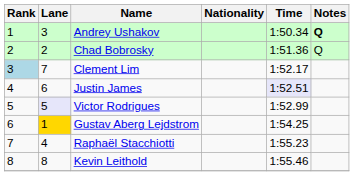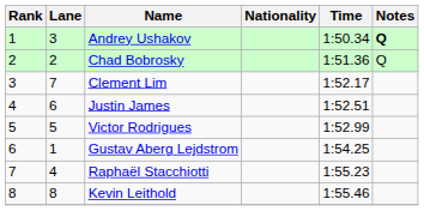 <table class="wikitable">
 <tr>
 <th>Rank</th>
 <th>Lane</th>
 <th>Name</th>
 <th>Nationality</th>
 <th>Time</th>
 <th>Notes</th>
 </tr>
 <tr bgcolor=ccffcc>
 <td>1</td>
 <td>3</td>
 <td><a href='#'>Andrey Ushakov</a></td>
 <td></td>
 <td>1:50.34</td>
 <td><strong>Q</strong></td>
 </tr>
 <tr bgcolor=ccffcc>
 <td>2</td>
 <td>2</td>
 <td><a href='#'>Chad Bobrosky</a></td>
 <td></td>
 <td>1:51.36</td>
 <td>Q</td>
 </tr>
 <tr>
-<td style="background: lightblue;">3</td>
+<td>3</td>
 <td>7</td>
 <td><a href='#'>Clement Lim</a></td>
 <td></td>
 <td>1:52.17</td>
 <td></td>
 </tr>
 <tr>
 <td>4</td>
 <td>6</td>
 <td><a href='#'>Justin James</a></td>
 <td></td>
-<td style="background: lavender;">1:52.51</td>
+<td>1:52.51</td>
 <td></td>
 </tr>
 <tr>
 <td>5</td>
-<td style="background: lavender;">5</td>
+<td>5</td>
 <td><a href='#'>Victor Rodrigues</a></td>
 <td></td>
 <td>1:52.99</td>
 <td></td>
 </tr>
 <tr>
 <td>6</td>
-<td style="background: gold;">1</td>
+<td>1</td>
 <td><a href='#'>Gustav Aberg Lejdstrom</a></td>
 <td></td>
 <td>1:54.25</td>
 <td></td>
 </tr>
 <tr>
 <td>7</td>
 <td>4</td>
 <td><a href='#'>Raphaël Stacchiotti</a></td>
 <td></td>
 <td>1:55.23</td>
 <td></td>
 </tr>
 <tr>
 <td>8</td>
 <td>8</td>
 <td><a href='#'>Kevin Leithold</a></td>
 <td></td>
 <td>1:55.46</td>
 <td></td>
 </tr>
 <tr>
 </tr>
 </table>
